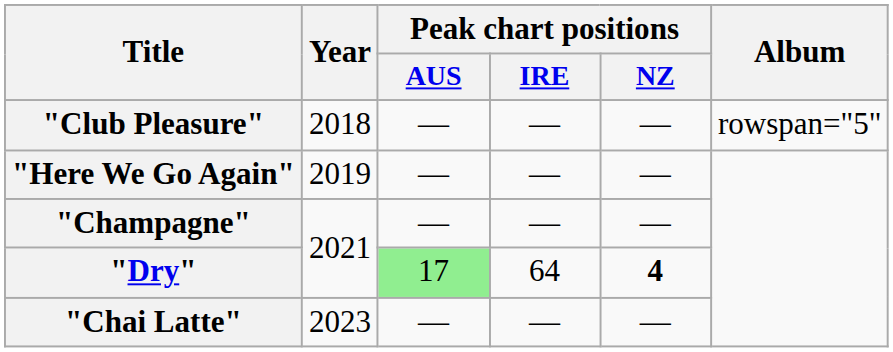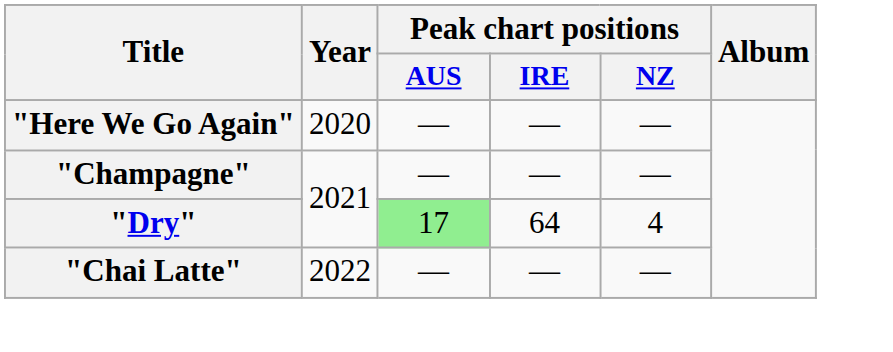 <table class="wikitable plainrowheaders" style="text-align:center">
 <tr>
 <th scope="col" rowspan="2">Title</th>
 <th scope="col" rowspan="2">Year</th>
 <th scope="col" colspan="3">Peak chart positions</th>
 <th scope="col" rowspan="2">Album</th>
 </tr>
 <tr>
 <th scope="col" style="width:3.5em;font-size:90%;"><a href='#'>AUS</a><br></th>
 <th scope="col" style="width:3.5em;font-size:90%;"><a href='#'>IRE</a><br></th>
 <th scope="col" style="width:3.5em;font-size:90%;"><a href='#'>NZ</a><br></th>
 </tr>
 <tr>
-<th scope="row">"Club Pleasure"</th>
-<td>2018</td>
-<td>—</td>
-<td>—</td>
-<td>—</td>
-<td>rowspan="5" </td>
-</tr>
-<tr>
 <th scope="row">"Here We Go Again"</th>
-<td>2019</td>
+<td>2020</td>
 <td>—</td>
 <td>—</td>
 <td>—</td>
 </tr>
 <tr>
 <th scope="row">"Champagne"</th>
 <td rowspan="2">2021</td>
 <td>—</td>
 <td>—</td>
 <td>—</td>
 </tr>
 <tr>
 <th scope="row">"<a href='#'>Dry</a>"</th>
 <td style="background: lightgreen;">17</td>
 <td>64</td>
-<td><strong>4</strong></td>
+<td>4</td>
 </tr>
 <tr>
 <th scope="row">"Chai Latte"</th>
-<td>2023</td>
+<td>2022</td>
 <td>—</td>
 <td>—</td>
 <td>—</td>
 </tr>
 </table>
